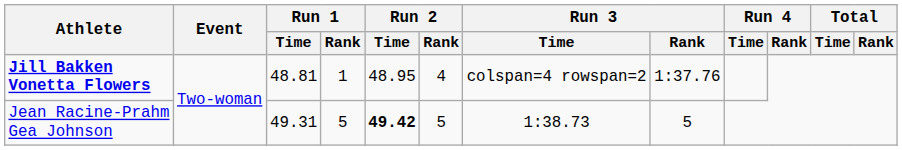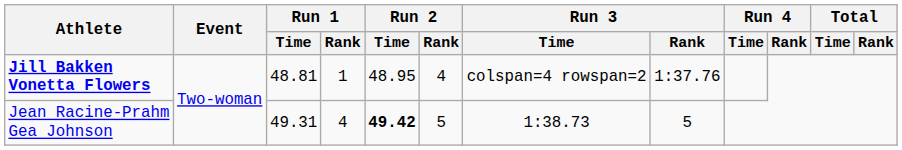 <table class=wikitable style=font-size:90%;text-align:center>
 <tr>
 <th rowspan=2>Athlete</th>
 <th rowspan=2>Event</th>
 <th colspan=2>Run 1</th>
 <th colspan=2>Run 2</th>
 <th colspan=2>Run 3</th>
 <th colspan=2>Run 4</th>
 <th colspan=2>Total</th>
 </tr>
 <tr style=font-size:95%>
 <th>Time</th>
 <th>Rank</th>
 <th>Time</th>
 <th>Rank</th>
 <th>Time</th>
 <th>Rank</th>
 <th>Time</th>
 <th>Rank</th>
 <th>Time</th>
 <th>Rank</th>
 </tr>
 <tr>
 <td align=left><strong><a href='#'>Jill Bakken</a><br><a href='#'>Vonetta Flowers</a></strong></td>
 <td align=left rowspan=2><a href='#'>Two-woman</a></td>
 <td>48.81</td>
 <td>1</td>
 <td>48.95</td>
 <td>4</td>
 <td>colspan=4 rowspan=2</td>
 <td>1:37.76</td>
 <td></td>
 </tr>
 <tr>
 <td align=left><a href='#'>Jean Racine-Prahm</a><br><a href='#'>Gea Johnson</a></td>
 <td>49.31</td>
-<td>5</td>
+<td>4</td>
 <td><strong>49.42</strong></td>
 <td>5</td>
 <td>1:38.73</td>
 <td>5</td>
 </tr>
 </table>
